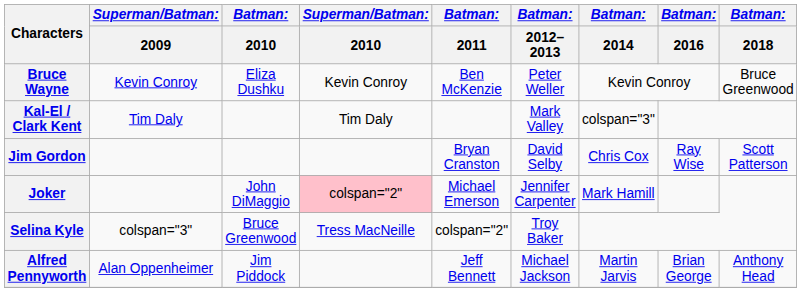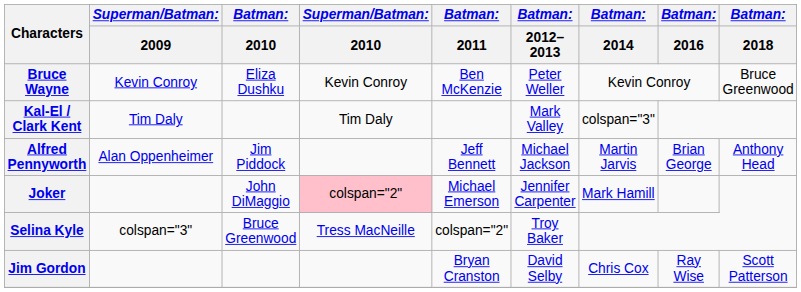 <table class="wikitable" style="text-align:center; width:99%">
 <tr>
 <th rowspan="2" width="10%">Characters</th>
 <th style="text-align:center; width:10%;"><a href='#'><em>Superman/Batman:<br></em></a></th>
 <th style="text-align:center; width:10%;"><a href='#'><em>Batman:<br></em></a></th>
 <th style="text-align:center; width:10%;"><a href='#'><em>Superman/Batman:<br></em></a></th>
 <th style="text-align:center; width:10%;"><a href='#'><em>Batman:<br></em></a></th>
 <th style="text-align:center; width:10%;"><a href='#'><em>Batman:<br></em></a></th>
 <th style="text-align:center; width:10%;"><a href='#'><em>Batman:<br></em></a></th>
 <th style="text-align:center; width:10%;"><a href='#'><em>Batman:<br></em></a></th>
 <th style="text-align:center; width:10%;"><a href='#'><em>Batman:<br></em></a></th>
 </tr>
 <tr>
 <th>2009</th>
 <th>2010</th>
 <th>2010</th>
 <th>2011</th>
 <th>2012–2013</th>
 <th>2014</th>
 <th>2016</th>
 <th>2018</th>
 </tr>
 <tr>
 <th><a href='#'>Bruce Wayne<br></a></th>
 <td><a href='#'>Kevin Conroy</a></td>
 <td><a href='#'>Eliza Dushku</a></td>
 <td>Kevin Conroy</td>
 <td><a href='#'>Ben McKenzie</a></td>
 <td><a href='#'>Peter Weller</a></td>
 <td colspan="2">Kevin Conroy</td>
 <td>Bruce Greenwood</td>
 </tr>
 <tr>
 <th><a href='#'>Kal-El / Clark Kent<br></a></th>
 <td><a href='#'>Tim Daly</a></td>
 <td></td>
 <td>Tim Daly</td>
 <td></td>
 <td><a href='#'>Mark Valley</a></td>
 <td>colspan="3" </td>
 </tr>
 <tr>
-<th><a href='#'>Jim Gordon</a></th>
+<th><a href='#'>Alfred Pennyworth</a></th>
+<td><a href='#'>Alan Oppenheimer</a></td>
+<td><a href='#'>Jim Piddock</a></td>
 <td></td>
-<td></td>
-<td></td>
-<td><a href='#'>Bryan Cranston</a></td>
-<td><a href='#'>David Selby</a></td>
-<td><a href='#'>Chris Cox</a></td>
-<td><a href='#'>Ray Wise</a></td>
-<td><a href='#'>Scott Patterson</a></td>
+<td><a href='#'>Jeff Bennett</a></td>
+<td><a href='#'>Michael Jackson</a></td>
+<td><a href='#'>Martin Jarvis</a></td>
+<td><a href='#'>Brian George</a></td>
+<td><a href='#'>Anthony Head</a></td>
 </tr>
 <tr>
 <th><a href='#'>Joker</a></th>
 <td></td>
 <td><a href='#'>John DiMaggio</a></td>
 <td style="background: pink;">colspan="2" </td>
 <td><a href='#'>Michael Emerson</a></td>
 <td><a href='#'>Jennifer Carpenter</a></td>
 <td><a href='#'>Mark Hamill</a></td>
 <td></td>
 </tr>
 <tr>
 <th><a href='#'>Selina Kyle<br></a></th>
 <td>colspan="3" </td>
 <td><a href='#'>Bruce Greenwood</a></td>
 <td><a href='#'>Tress MacNeille</a></td>
 <td>colspan="2" </td>
 <td><a href='#'>Troy Baker</a></td>
 </tr>
 <tr>
-<th><a href='#'>Alfred Pennyworth</a></th>
-<td><a href='#'>Alan Oppenheimer</a></td>
-<td><a href='#'>Jim Piddock</a></td>
+<th><a href='#'>Jim Gordon</a></th>
 <td></td>
-<td><a href='#'>Jeff Bennett</a></td>
-<td><a href='#'>Michael Jackson</a></td>
-<td><a href='#'>Martin Jarvis</a></td>
-<td><a href='#'>Brian George</a></td>
-<td><a href='#'>Anthony Head</a></td>
+<td></td>
+<td></td>
+<td><a href='#'>Bryan Cranston</a></td>
+<td><a href='#'>David Selby</a></td>
+<td><a href='#'>Chris Cox</a></td>
+<td><a href='#'>Ray Wise</a></td>
+<td><a href='#'>Scott Patterson</a></td>
 </tr>
 <tr>
 </tr>
 </table>
